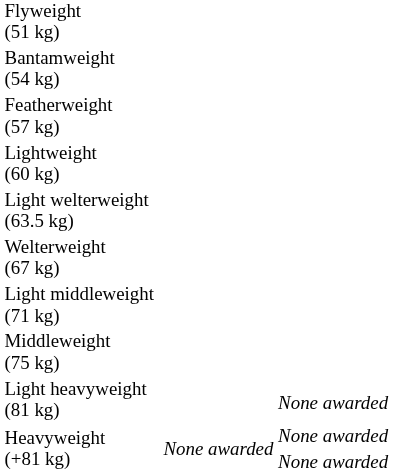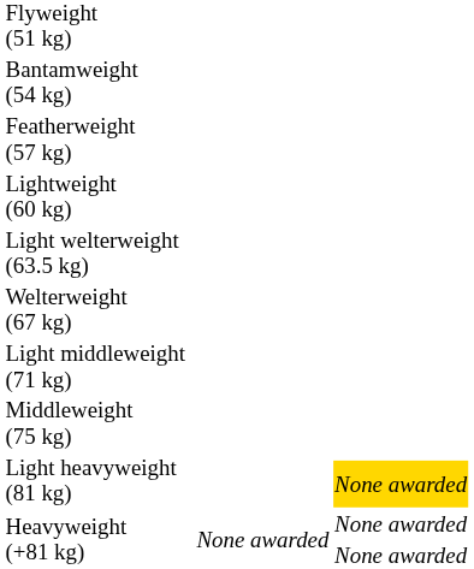 <table>
 <tr>
 <td rowspan=2>Flyweight<br>(51 kg) </td>
 <td rowspan=2></td>
 <td rowspan=2></td>
 <td></td>
 </tr>
 <tr>
 <td></td>
 </tr>
 <tr>
 <td rowspan=2>Bantamweight<br>(54 kg) </td>
 <td rowspan=2></td>
 <td rowspan=2></td>
 <td></td>
 </tr>
 <tr>
 <td></td>
 </tr>
 <tr>
 <td rowspan=2>Featherweight<br>(57 kg) </td>
 <td rowspan=2></td>
 <td rowspan=2></td>
 <td></td>
 </tr>
 <tr>
 <td></td>
 </tr>
 <tr>
 <td rowspan=2>Lightweight<br>(60 kg) </td>
 <td rowspan=2></td>
 <td rowspan=2></td>
 <td></td>
 </tr>
 <tr>
 <td></td>
 </tr>
 <tr>
 <td rowspan=2>Light welterweight<br>(63.5 kg) </td>
 <td rowspan=2></td>
 <td rowspan=2></td>
 <td></td>
 </tr>
 <tr>
 <td></td>
 </tr>
 <tr>
 <td rowspan=2>Welterweight<br>(67 kg) </td>
 <td rowspan=2></td>
 <td rowspan=2></td>
 <td></td>
 </tr>
 <tr>
 <td></td>
 </tr>
 <tr>
 <td rowspan=2>Light middleweight<br>(71 kg) </td>
 <td rowspan=2></td>
 <td rowspan=2></td>
 <td></td>
 </tr>
 <tr>
 <td></td>
 </tr>
 <tr>
 <td rowspan=2>Middleweight<br>(75 kg) </td>
 <td rowspan=2></td>
 <td rowspan=2></td>
 <td></td>
 </tr>
 <tr>
 <td></td>
 </tr>
 <tr>
 <td rowspan=2>Light heavyweight<br>(81 kg) </td>
 <td rowspan=2></td>
 <td rowspan=2></td>
 <td></td>
 </tr>
 <tr>
-<td><em>None awarded</em></td>
+<td style="background: gold;"><em>None awarded</em></td>
 </tr>
 <tr>
 <td rowspan=2>Heavyweight<br>(+81 kg) </td>
 <td rowspan=2></td>
 <td rowspan=2><em>None awarded</em></td>
 <td><em>None awarded</em></td>
 </tr>
 <tr>
 <td><em>None awarded</em></td>
 </tr>
 </table>
